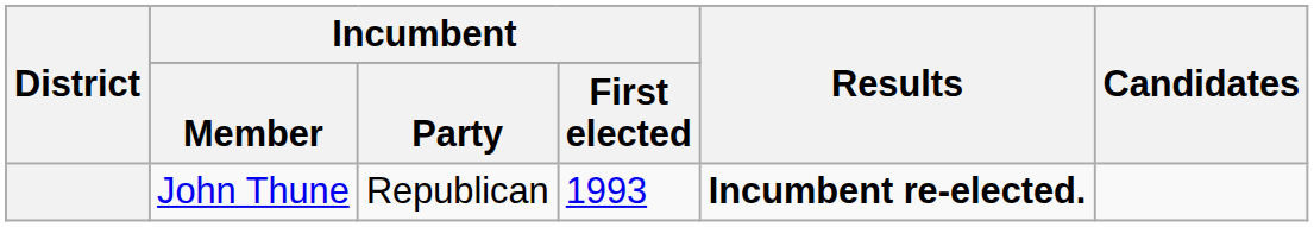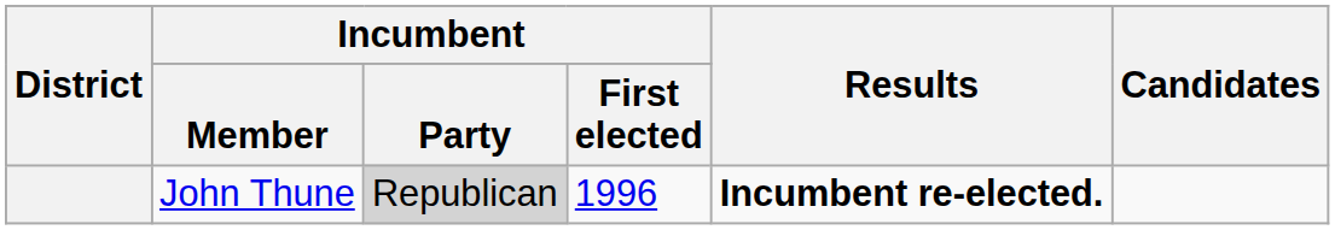 <table class="wikitable sortable">
 <tr>
 <th rowspan=2>District</th>
 <th colspan=3>Incumbent</th>
 <th rowspan=2>Results</th>
 <th rowspan=2 class="unsortable">Candidates</th>
 </tr>
 <tr valign=bottom>
 <th>Member</th>
 <th>Party</th>
 <th>First<br>elected</th>
 </tr>
 <tr>
 <th></th>
 <td><a href='#'>John Thune</a></td>
-<td>Republican</td>
-<td><a href='#'>1993</a></td>
+<td style="background: lightgrey;">Republican</td>
+<td><a href='#'>1996</a></td>
 <td><strong>Incumbent re-elected.</strong></td>
 <td nowrap></td>
 </tr>
 </table>
